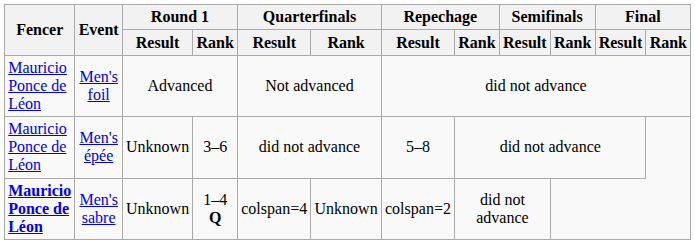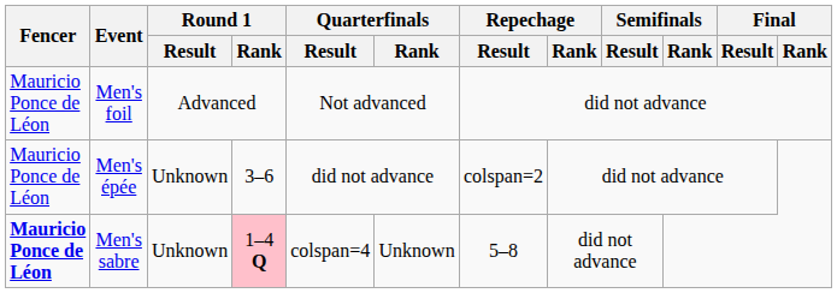 <table class=wikitable>
 <tr>
 <th rowspan=2>Fencer</th>
 <th rowspan=2>Event</th>
 <th colspan=2>Round 1</th>
 <th colspan=2>Quarterfinals</th>
 <th colspan=2>Repechage</th>
 <th colspan=2>Semifinals</th>
 <th colspan=2>Final</th>
 </tr>
 <tr>
 <th>Result</th>
 <th>Rank</th>
 <th>Result</th>
 <th>Rank</th>
 <th>Result</th>
 <th>Rank</th>
 <th>Result</th>
 <th>Rank</th>
 <th>Result</th>
 <th>Rank</th>
 </tr>
 <tr align=center>
 <td align=left><a href='#'>Mauricio Ponce de Léon</a></td>
 <td><a href='#'>Men's foil</a></td>
 <td colspan=2>Advanced</td>
 <td colspan=2>Not advanced</td>
 <td colspan=6>did not advance</td>
 </tr>
 <tr align=center>
 <td align=left><a href='#'>Mauricio Ponce de Léon</a></td>
 <td><a href='#'>Men's épée</a></td>
 <td>Unknown</td>
 <td>3–6</td>
 <td colspan=2>did not advance</td>
-<td>5–8</td>
+<td>colspan=2 </td>
 <td colspan=4>did not advance</td>
 </tr>
 <tr align=center>
 <td align=left><strong><a href='#'>Mauricio Ponce de Léon</a></strong></td>
 <td><a href='#'>Men's sabre</a></td>
 <td>Unknown</td>
-<td>1–4 <strong>Q</strong></td>
+<td style="background: pink;">1–4 <strong>Q</strong></td>
 <td>colspan=4 </td>
 <td>Unknown</td>
-<td>colspan=2 </td>
+<td>5–8</td>
 <td colspan=2>did not advance</td>
 </tr>
 </table>
